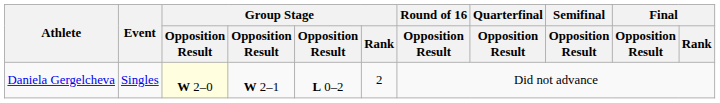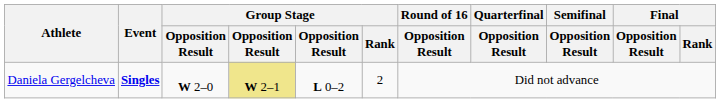 <table class=wikitable style="font-size:90%">
 <tr>
 <th rowspan="2">Athlete</th>
 <th rowspan="2">Event</th>
 <th colspan="4">Group Stage</th>
 <th>Round of 16</th>
 <th>Quarterfinal</th>
 <th>Semifinal</th>
 <th colspan=2>Final</th>
 </tr>
 <tr>
 <th>Opposition<br>Result</th>
 <th>Opposition<br>Result</th>
 <th>Opposition<br>Result</th>
 <th>Rank</th>
 <th>Opposition<br>Result</th>
 <th>Opposition<br>Result</th>
 <th>Opposition<br>Result</th>
 <th>Opposition<br>Result</th>
 <th>Rank</th>
 </tr>
 <tr align=center>
 <td align=left><a href='#'>Daniela Gergelcheva</a></td>
-<td align=left><a href='#'>Singles</a></td>
-<td style="background: lightyellow;"><br><strong>W</strong> 2–0</td>
-<td><br><strong>W</strong> 2–1</td>
+<td align=left><strong><a href='#'>Singles</a></strong></td>
+<td><br><strong>W</strong> 2–0</td>
+<td style="background: khaki;"><br><strong>W</strong> 2–1</td>
 <td><br><strong>L</strong> 0–2</td>
 <td>2</td>
 <td colspan=5>Did not advance</td>
 </tr>
 </table>
